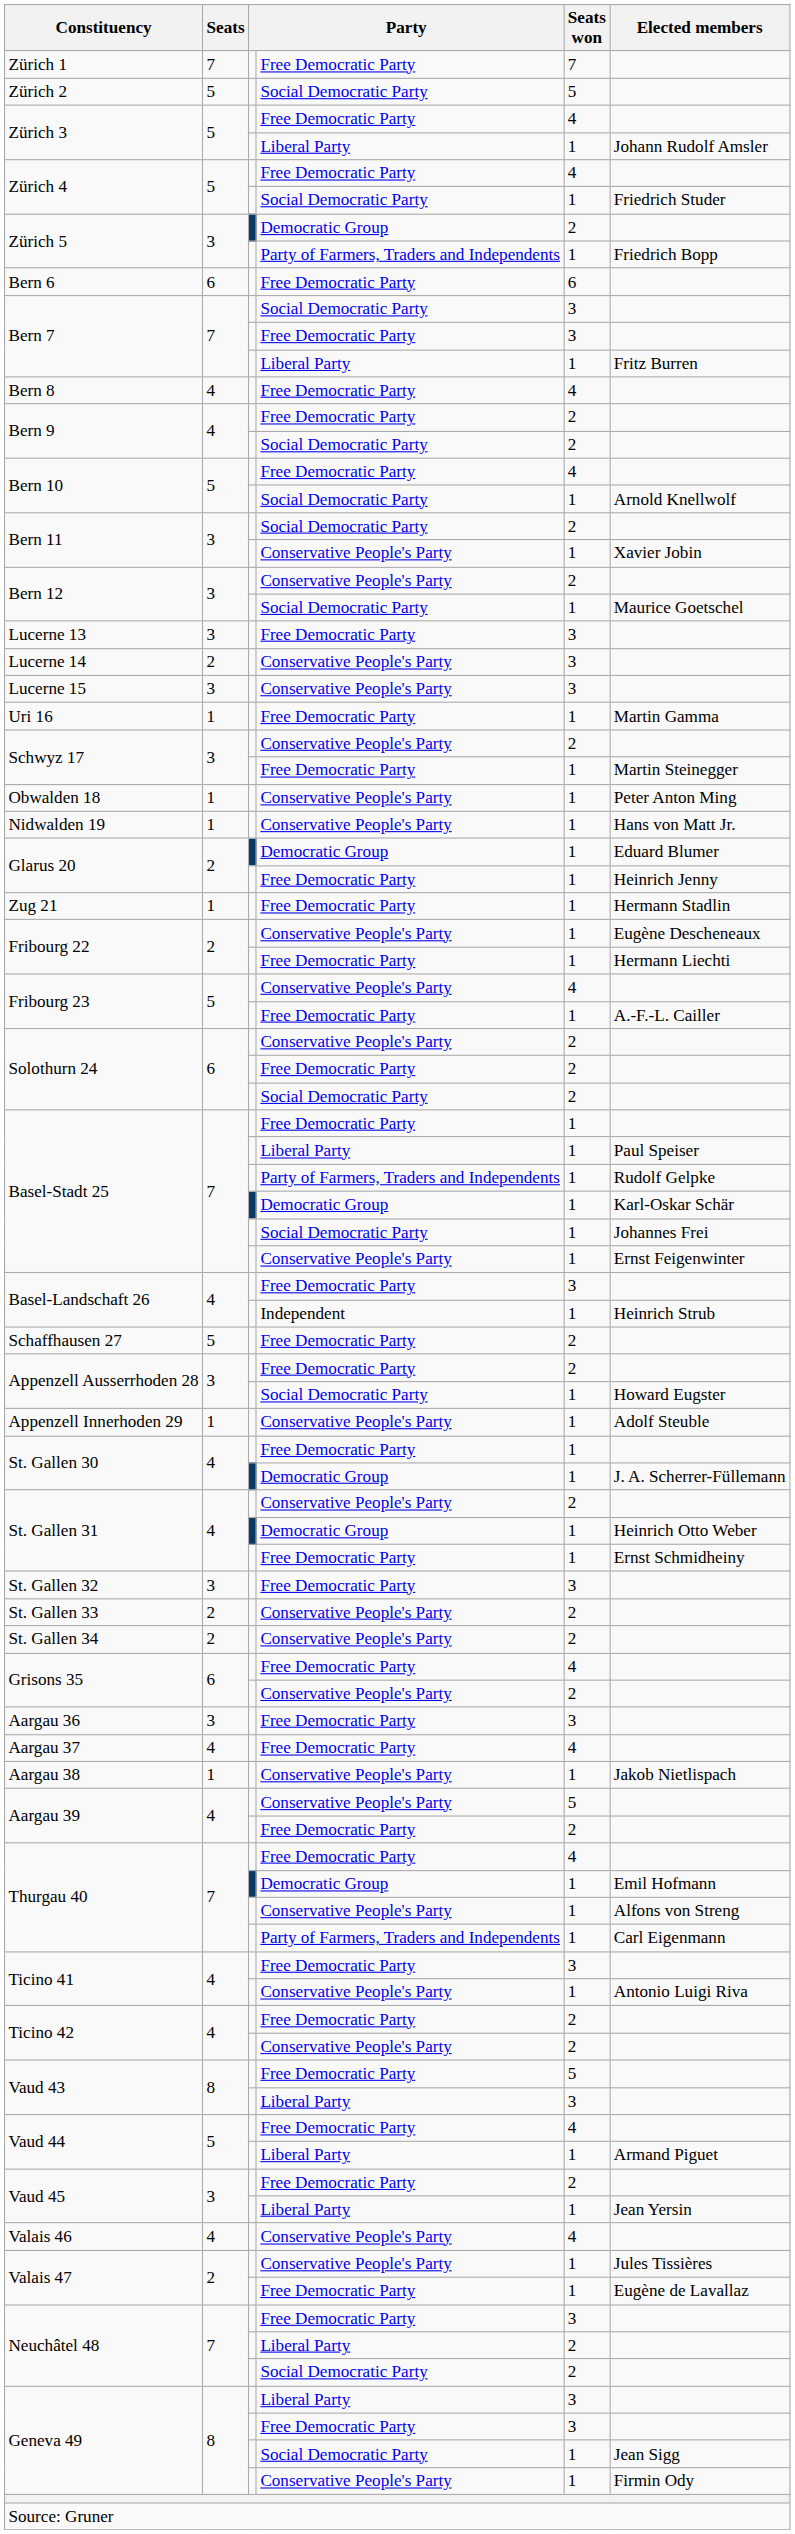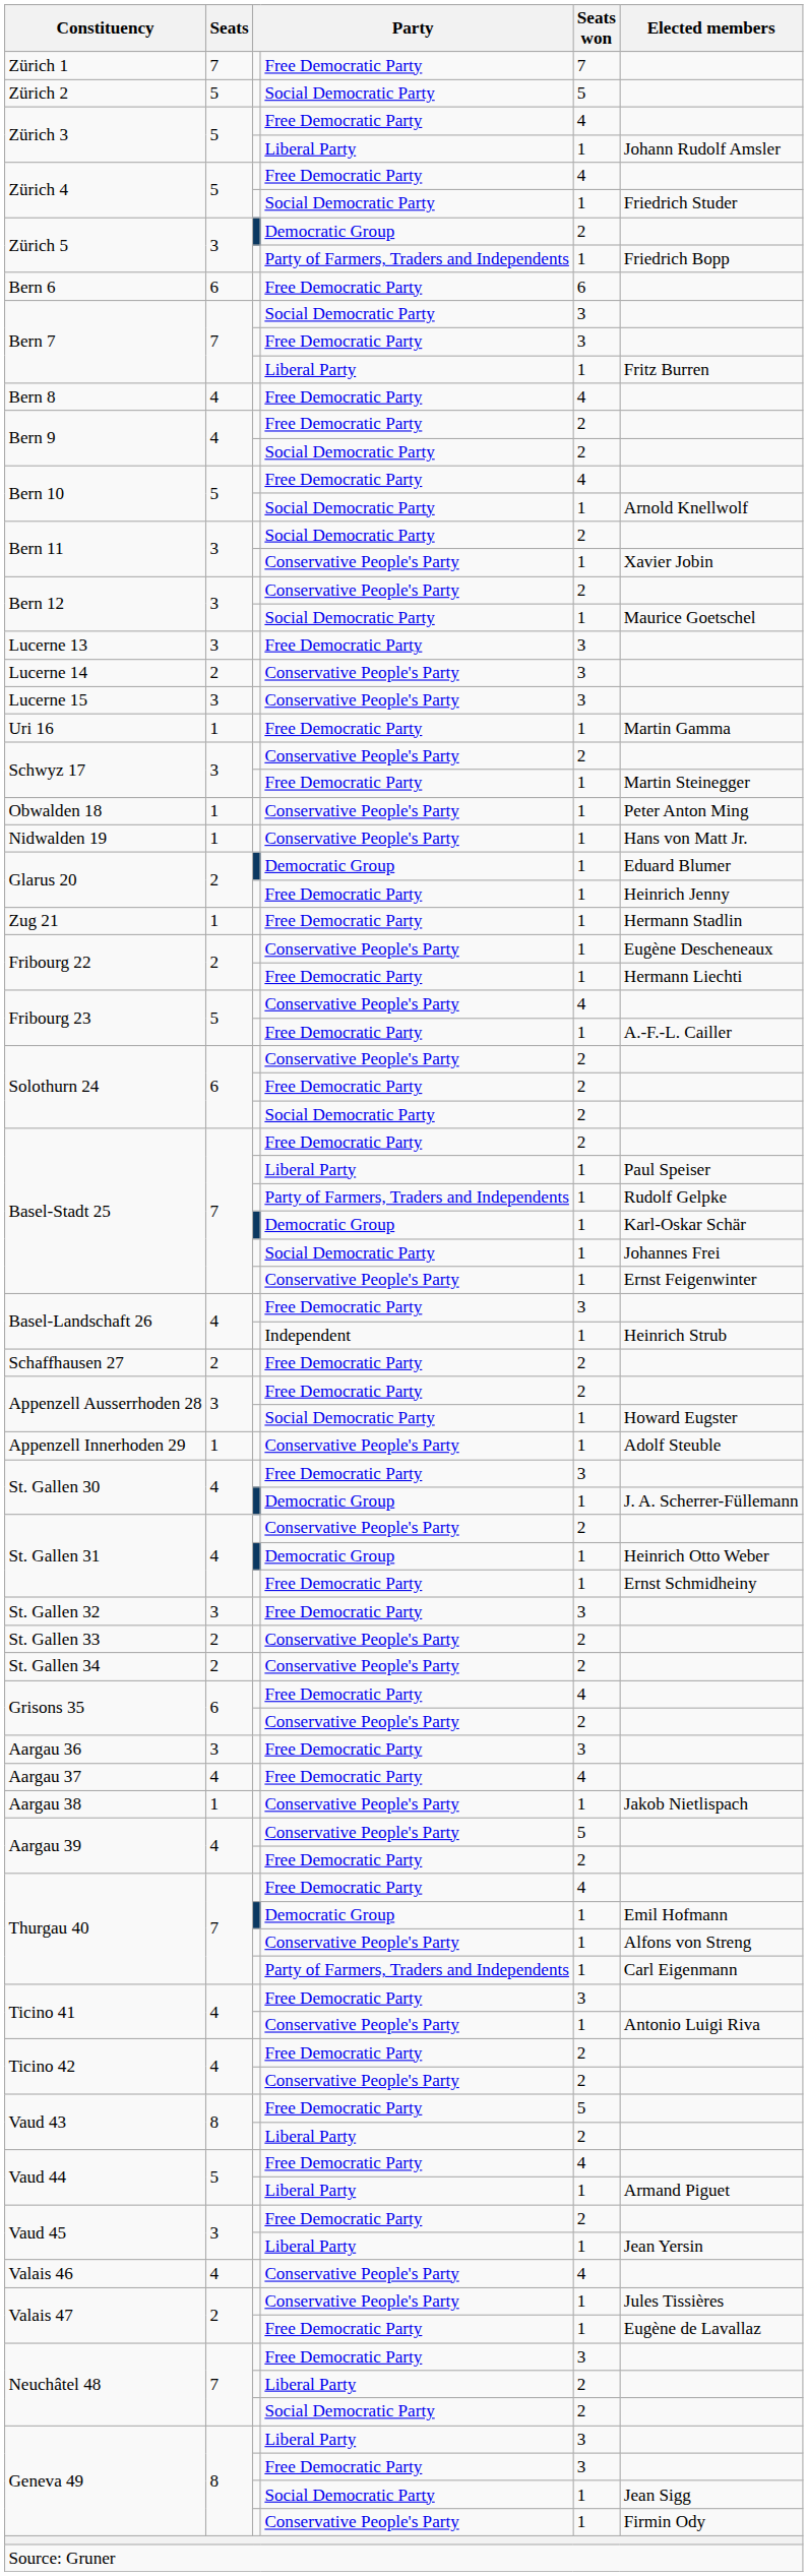 <table class="wikitable">
 <tr>
 <th>Constituency</th>
 <th>Seats</th>
 <th colspan="2">Party</th>
 <th>Seats<br>won</th>
 <th>Elected members</th>
 </tr>
 <tr>
 <td>Zürich 1</td>
 <td>7</td>
 <td style="color:inherit;background:"></td>
 <td><a href='#'>Free Democratic Party</a></td>
 <td>7</td>
 <td></td>
 </tr>
 <tr>
 <td>Zürich 2</td>
 <td>5</td>
 <td style="color:inherit;background:"></td>
 <td><a href='#'>Social Democratic Party</a></td>
 <td>5</td>
 <td></td>
 </tr>
 <tr>
 <td rowspan="2">Zürich 3</td>
 <td rowspan="2">5</td>
 <td style="color:inherit;background:"></td>
 <td><a href='#'>Free Democratic Party</a></td>
 <td>4</td>
 <td></td>
 </tr>
 <tr>
 <td style="color:inherit;background:"></td>
 <td><a href='#'>Liberal Party</a></td>
 <td>1</td>
 <td>Johann Rudolf Amsler</td>
 </tr>
 <tr>
 <td rowspan="2">Zürich 4</td>
 <td rowspan="2">5</td>
 <td style="color:inherit;background:"></td>
 <td><a href='#'>Free Democratic Party</a></td>
 <td>4</td>
 <td></td>
 </tr>
 <tr>
 <td style="color:inherit;background:"></td>
 <td><a href='#'>Social Democratic Party</a></td>
 <td>1</td>
 <td>Friedrich Studer</td>
 </tr>
 <tr>
 <td rowspan="2">Zürich 5</td>
 <td rowspan="2">3</td>
 <td style="color:inherit;background:#0B3861"></td>
 <td><a href='#'>Democratic Group</a></td>
 <td>2</td>
 <td></td>
 </tr>
 <tr>
 <td style="color:inherit;background:"></td>
 <td><a href='#'>Party of Farmers, Traders and Independents</a></td>
 <td>1</td>
 <td>Friedrich Bopp</td>
 </tr>
 <tr>
 <td>Bern 6</td>
 <td>6</td>
 <td style="color:inherit;background:"></td>
 <td><a href='#'>Free Democratic Party</a></td>
 <td>6</td>
 <td></td>
 </tr>
 <tr>
 <td rowspan="3">Bern 7</td>
 <td rowspan="3">7</td>
 <td style="color:inherit;background:"></td>
 <td><a href='#'>Social Democratic Party</a></td>
 <td>3</td>
 <td></td>
 </tr>
 <tr>
 <td style="color:inherit;background:"></td>
 <td><a href='#'>Free Democratic Party</a></td>
 <td>3</td>
 <td></td>
 </tr>
 <tr>
 <td style="color:inherit;background:"></td>
 <td><a href='#'>Liberal Party</a></td>
 <td>1</td>
 <td>Fritz Burren</td>
 </tr>
 <tr>
 <td>Bern 8</td>
 <td>4</td>
 <td style="color:inherit;background:"></td>
 <td><a href='#'>Free Democratic Party</a></td>
 <td>4</td>
 <td></td>
 </tr>
 <tr>
 <td rowspan="2">Bern 9</td>
 <td rowspan="2">4</td>
 <td style="color:inherit;background:"></td>
 <td><a href='#'>Free Democratic Party</a></td>
 <td>2</td>
 <td></td>
 </tr>
 <tr>
 <td style="color:inherit;background:"></td>
 <td><a href='#'>Social Democratic Party</a></td>
 <td>2</td>
 <td></td>
 </tr>
 <tr>
 <td rowspan="2">Bern 10</td>
 <td rowspan="2">5</td>
 <td style="color:inherit;background:"></td>
 <td><a href='#'>Free Democratic Party</a></td>
 <td>4</td>
 <td></td>
 </tr>
 <tr>
 <td style="color:inherit;background:"></td>
 <td><a href='#'>Social Democratic Party</a></td>
 <td>1</td>
 <td>Arnold Knellwolf</td>
 </tr>
 <tr>
 <td rowspan="2">Bern 11</td>
 <td rowspan="2">3</td>
 <td style="color:inherit;background:"></td>
 <td><a href='#'>Social Democratic Party</a></td>
 <td>2</td>
 <td></td>
 </tr>
 <tr>
 <td style="color:inherit;background:"></td>
 <td><a href='#'>Conservative People's Party</a></td>
 <td>1</td>
 <td>Xavier Jobin</td>
 </tr>
 <tr>
 <td rowspan="2">Bern 12</td>
 <td rowspan="2">3</td>
 <td style="color:inherit;background:"></td>
 <td><a href='#'>Conservative People's Party</a></td>
 <td>2</td>
 <td></td>
 </tr>
 <tr>
 <td style="color:inherit;background:"></td>
 <td><a href='#'>Social Democratic Party</a></td>
 <td>1</td>
 <td>Maurice Goetschel</td>
 </tr>
 <tr>
 <td>Lucerne 13</td>
 <td>3</td>
 <td style="color:inherit;background:"></td>
 <td><a href='#'>Free Democratic Party</a></td>
 <td>3</td>
 <td></td>
 </tr>
 <tr>
 <td>Lucerne 14</td>
 <td>2</td>
 <td style="color:inherit;background:"></td>
 <td><a href='#'>Conservative People's Party</a></td>
 <td>3</td>
 <td></td>
 </tr>
 <tr>
 <td>Lucerne 15</td>
 <td>3</td>
 <td style="color:inherit;background:"></td>
 <td><a href='#'>Conservative People's Party</a></td>
 <td>3</td>
 <td></td>
 </tr>
 <tr>
 <td>Uri 16</td>
 <td>1</td>
 <td style="color:inherit;background:"></td>
 <td><a href='#'>Free Democratic Party</a></td>
 <td>1</td>
 <td>Martin Gamma</td>
 </tr>
 <tr>
 <td rowspan="2">Schwyz 17</td>
 <td rowspan="2">3</td>
 <td style="color:inherit;background:"></td>
 <td><a href='#'>Conservative People's Party</a></td>
 <td>2</td>
 <td></td>
 </tr>
 <tr>
 <td style="color:inherit;background:"></td>
 <td><a href='#'>Free Democratic Party</a></td>
 <td>1</td>
 <td>Martin Steinegger</td>
 </tr>
 <tr>
 <td>Obwalden 18</td>
 <td>1</td>
 <td style="color:inherit;background:"></td>
 <td><a href='#'>Conservative People's Party</a></td>
 <td>1</td>
 <td>Peter Anton Ming</td>
 </tr>
 <tr>
 <td>Nidwalden 19</td>
 <td>1</td>
 <td style="color:inherit;background:"></td>
 <td><a href='#'>Conservative People's Party</a></td>
 <td>1</td>
 <td>Hans von Matt Jr.</td>
 </tr>
 <tr>
 <td rowspan="2">Glarus 20</td>
 <td rowspan="2">2</td>
 <td style="color:inherit;background:#0B3861"></td>
 <td><a href='#'>Democratic Group</a></td>
 <td>1</td>
 <td>Eduard Blumer</td>
 </tr>
 <tr>
 <td style="color:inherit;background:"></td>
 <td><a href='#'>Free Democratic Party</a></td>
 <td>1</td>
 <td>Heinrich Jenny</td>
 </tr>
 <tr>
 <td>Zug 21</td>
 <td>1</td>
 <td style="color:inherit;background:"></td>
 <td><a href='#'>Free Democratic Party</a></td>
 <td>1</td>
 <td>Hermann Stadlin</td>
 </tr>
 <tr>
 <td rowspan="2">Fribourg 22</td>
 <td rowspan="2">2</td>
 <td style="color:inherit;background:"></td>
 <td><a href='#'>Conservative People's Party</a></td>
 <td>1</td>
 <td>Eugène Descheneaux</td>
 </tr>
 <tr>
 <td style="color:inherit;background:"></td>
 <td><a href='#'>Free Democratic Party</a></td>
 <td>1</td>
 <td>Hermann Liechti</td>
 </tr>
 <tr>
 <td rowspan="2">Fribourg 23</td>
 <td rowspan="2">5</td>
 <td style="color:inherit;background:"></td>
 <td><a href='#'>Conservative People's Party</a></td>
 <td>4</td>
 <td></td>
 </tr>
 <tr>
 <td style="color:inherit;background:"></td>
 <td><a href='#'>Free Democratic Party</a></td>
 <td>1</td>
 <td>A.-F.-L. Cailler</td>
 </tr>
 <tr>
 <td rowspan="3">Solothurn 24</td>
 <td rowspan="3">6</td>
 <td style="color:inherit;background:"></td>
 <td><a href='#'>Conservative People's Party</a></td>
 <td>2</td>
 <td></td>
 </tr>
 <tr>
 <td style="color:inherit;background:"></td>
 <td><a href='#'>Free Democratic Party</a></td>
 <td>2</td>
 <td></td>
 </tr>
 <tr>
 <td style="color:inherit;background:"></td>
 <td><a href='#'>Social Democratic Party</a></td>
 <td>2</td>
 <td></td>
 </tr>
 <tr>
 <td rowspan="6">Basel-Stadt 25</td>
 <td rowspan="6">7</td>
 <td style="color:inherit;background:"></td>
 <td><a href='#'>Free Democratic Party</a></td>
-<td>1</td>
+<td>2</td>
 <td></td>
 </tr>
 <tr>
 <td style="color:inherit;background:"></td>
 <td><a href='#'>Liberal Party</a></td>
 <td>1</td>
 <td>Paul Speiser</td>
 </tr>
 <tr>
 <td style="color:inherit;background:"></td>
 <td><a href='#'>Party of Farmers, Traders and Independents</a></td>
 <td>1</td>
 <td>Rudolf Gelpke</td>
 </tr>
 <tr>
 <td style="color:inherit;background:#0B3861"></td>
 <td><a href='#'>Democratic Group</a></td>
 <td>1</td>
 <td>Karl-Oskar Schär</td>
 </tr>
 <tr>
 <td style="color:inherit;background:"></td>
 <td><a href='#'>Social Democratic Party</a></td>
 <td>1</td>
 <td>Johannes Frei</td>
 </tr>
 <tr>
 <td style="color:inherit;background:"></td>
 <td><a href='#'>Conservative People's Party</a></td>
 <td>1</td>
 <td>Ernst Feigenwinter</td>
 </tr>
 <tr>
 <td rowspan="2">Basel-Landschaft 26</td>
 <td rowspan="2">4</td>
 <td style="color:inherit;background:"></td>
 <td><a href='#'>Free Democratic Party</a></td>
 <td>3</td>
 <td></td>
 </tr>
 <tr>
 <td style="color:inherit;background:"></td>
 <td>Independent</td>
 <td>1</td>
 <td>Heinrich Strub</td>
 </tr>
 <tr>
 <td>Schaffhausen 27</td>
-<td>5</td>
+<td>2</td>
 <td style="color:inherit;background:"></td>
 <td><a href='#'>Free Democratic Party</a></td>
 <td>2</td>
 <td></td>
 </tr>
 <tr>
 <td rowspan="2">Appenzell Ausserrhoden 28</td>
 <td rowspan="2">3</td>
 <td style="color:inherit;background:"></td>
 <td><a href='#'>Free Democratic Party</a></td>
 <td>2</td>
 <td></td>
 </tr>
 <tr>
 <td style="color:inherit;background:"></td>
 <td><a href='#'>Social Democratic Party</a></td>
 <td>1</td>
 <td>Howard Eugster</td>
 </tr>
 <tr>
 <td>Appenzell Innerhoden 29</td>
 <td>1</td>
 <td style="color:inherit;background:"></td>
 <td><a href='#'>Conservative People's Party</a></td>
 <td>1</td>
 <td>Adolf Steuble</td>
 </tr>
 <tr>
 <td rowspan="2">St. Gallen 30</td>
 <td rowspan="2">4</td>
 <td style="color:inherit;background:"></td>
 <td><a href='#'>Free Democratic Party</a></td>
-<td>1</td>
+<td>3</td>
 <td></td>
 </tr>
 <tr>
 <td style="color:inherit;background:#0B3861"></td>
 <td><a href='#'>Democratic Group</a></td>
 <td>1</td>
 <td>J. A. Scherrer-Füllemann</td>
 </tr>
 <tr>
 <td rowspan="3">St. Gallen 31</td>
 <td rowspan="3">4</td>
 <td style="color:inherit;background:"></td>
 <td><a href='#'>Conservative People's Party</a></td>
 <td>2</td>
 <td></td>
 </tr>
 <tr>
 <td style="color:inherit;background:#0B3861"></td>
 <td><a href='#'>Democratic Group</a></td>
 <td>1</td>
 <td>Heinrich Otto Weber</td>
 </tr>
 <tr>
 <td style="color:inherit;background:"></td>
 <td><a href='#'>Free Democratic Party</a></td>
 <td>1</td>
 <td>Ernst Schmidheiny</td>
 </tr>
 <tr>
 <td>St. Gallen 32</td>
 <td>3</td>
 <td style="color:inherit;background:"></td>
 <td><a href='#'>Free Democratic Party</a></td>
 <td>3</td>
 <td></td>
 </tr>
 <tr>
 <td>St. Gallen 33</td>
 <td>2</td>
 <td style="color:inherit;background:"></td>
 <td><a href='#'>Conservative People's Party</a></td>
 <td>2</td>
 <td></td>
 </tr>
 <tr>
 <td>St. Gallen 34</td>
 <td>2</td>
 <td style="color:inherit;background:"></td>
 <td><a href='#'>Conservative People's Party</a></td>
 <td>2</td>
 <td></td>
 </tr>
 <tr>
 <td rowspan="2">Grisons 35</td>
 <td rowspan="2">6</td>
 <td style="color:inherit;background:"></td>
 <td><a href='#'>Free Democratic Party</a></td>
 <td>4</td>
 <td></td>
 </tr>
 <tr>
 <td style="color:inherit;background:"></td>
 <td><a href='#'>Conservative People's Party</a></td>
 <td>2</td>
 <td></td>
 </tr>
 <tr>
 <td>Aargau 36</td>
 <td>3</td>
 <td style="color:inherit;background:"></td>
 <td><a href='#'>Free Democratic Party</a></td>
 <td>3</td>
 <td></td>
 </tr>
 <tr>
 <td>Aargau 37</td>
 <td>4</td>
 <td style="color:inherit;background:"></td>
 <td><a href='#'>Free Democratic Party</a></td>
 <td>4</td>
 <td></td>
 </tr>
 <tr>
 <td>Aargau 38</td>
 <td>1</td>
 <td style="color:inherit;background:"></td>
 <td><a href='#'>Conservative People's Party</a></td>
 <td>1</td>
 <td>Jakob Nietlispach</td>
 </tr>
 <tr>
 <td rowspan="2">Aargau 39</td>
 <td rowspan="2">4</td>
 <td style="color:inherit;background:"></td>
 <td><a href='#'>Conservative People's Party</a></td>
 <td>5</td>
 <td></td>
 </tr>
 <tr>
 <td style="color:inherit;background:"></td>
 <td><a href='#'>Free Democratic Party</a></td>
 <td>2</td>
 <td></td>
 </tr>
 <tr>
 <td rowspan="4">Thurgau 40</td>
 <td rowspan="4">7</td>
 <td style="color:inherit;background:"></td>
 <td><a href='#'>Free Democratic Party</a></td>
 <td>4</td>
 <td></td>
 </tr>
 <tr>
 <td style="color:inherit;background:#0B3861"></td>
 <td><a href='#'>Democratic Group</a></td>
 <td>1</td>
 <td>Emil Hofmann</td>
 </tr>
 <tr>
 <td style="color:inherit;background:"></td>
 <td><a href='#'>Conservative People's Party</a></td>
 <td>1</td>
 <td>Alfons von Streng</td>
 </tr>
 <tr>
 <td style="color:inherit;background:"></td>
 <td><a href='#'>Party of Farmers, Traders and Independents</a></td>
 <td>1</td>
 <td>Carl Eigenmann</td>
 </tr>
 <tr>
 <td rowspan="2">Ticino 41</td>
 <td rowspan="2">4</td>
 <td style="color:inherit;background:"></td>
 <td><a href='#'>Free Democratic Party</a></td>
 <td>3</td>
 <td></td>
 </tr>
 <tr>
 <td style="color:inherit;background:"></td>
 <td><a href='#'>Conservative People's Party</a></td>
 <td>1</td>
 <td>Antonio Luigi Riva</td>
 </tr>
 <tr>
 <td rowspan="2">Ticino 42</td>
 <td rowspan="2">4</td>
 <td style="color:inherit;background:"></td>
 <td><a href='#'>Free Democratic Party</a></td>
 <td>2</td>
 <td></td>
 </tr>
 <tr>
 <td style="color:inherit;background:"></td>
 <td><a href='#'>Conservative People's Party</a></td>
 <td>2</td>
 <td></td>
 </tr>
 <tr>
 <td rowspan="2">Vaud 43</td>
 <td rowspan="2">8</td>
 <td style="color:inherit;background:"></td>
 <td><a href='#'>Free Democratic Party</a></td>
 <td>5</td>
 <td></td>
 </tr>
 <tr>
 <td style="color:inherit;background:"></td>
 <td><a href='#'>Liberal Party</a></td>
-<td>3</td>
+<td>2</td>
 <td></td>
 </tr>
 <tr>
 <td rowspan="2">Vaud 44</td>
 <td rowspan="2">5</td>
 <td style="color:inherit;background:"></td>
 <td><a href='#'>Free Democratic Party</a></td>
 <td>4</td>
 <td></td>
 </tr>
 <tr>
 <td style="color:inherit;background:"></td>
 <td><a href='#'>Liberal Party</a></td>
 <td>1</td>
 <td>Armand Piguet</td>
 </tr>
 <tr>
 <td rowspan="2">Vaud 45</td>
 <td rowspan="2">3</td>
 <td style="color:inherit;background:"></td>
 <td><a href='#'>Free Democratic Party</a></td>
 <td>2</td>
 <td></td>
 </tr>
 <tr>
 <td style="color:inherit;background:"></td>
 <td><a href='#'>Liberal Party</a></td>
 <td>1</td>
 <td>Jean Yersin</td>
 </tr>
 <tr>
 <td>Valais 46</td>
 <td>4</td>
 <td style="color:inherit;background:"></td>
 <td><a href='#'>Conservative People's Party</a></td>
 <td>4</td>
 <td></td>
 </tr>
 <tr>
 <td rowspan="2">Valais 47</td>
 <td rowspan="2">2</td>
 <td style="color:inherit;background:"></td>
 <td><a href='#'>Conservative People's Party</a></td>
 <td>1</td>
 <td>Jules Tissières</td>
 </tr>
 <tr>
 <td style="color:inherit;background:"></td>
 <td><a href='#'>Free Democratic Party</a></td>
 <td>1</td>
 <td>Eugène de Lavallaz</td>
 </tr>
 <tr>
 <td rowspan="3">Neuchâtel 48</td>
 <td rowspan="3">7</td>
 <td style="color:inherit;background:"></td>
 <td><a href='#'>Free Democratic Party</a></td>
 <td>3</td>
 <td></td>
 </tr>
 <tr>
 <td style="color:inherit;background:"></td>
 <td><a href='#'>Liberal Party</a></td>
 <td>2</td>
 <td></td>
 </tr>
 <tr>
 <td style="color:inherit;background:"></td>
 <td><a href='#'>Social Democratic Party</a></td>
 <td>2</td>
 <td></td>
 </tr>
 <tr>
 <td rowspan="4">Geneva 49</td>
 <td rowspan="4">8</td>
 <td style="color:inherit;background:"></td>
 <td><a href='#'>Liberal Party</a></td>
 <td>3</td>
 <td></td>
 </tr>
 <tr>
 <td style="color:inherit;background:"></td>
 <td><a href='#'>Free Democratic Party</a></td>
 <td>3</td>
 <td></td>
 </tr>
 <tr>
 <td style="color:inherit;background:"></td>
 <td><a href='#'>Social Democratic Party</a></td>
 <td>1</td>
 <td>Jean Sigg</td>
 </tr>
 <tr>
 <td style="color:inherit;background:"></td>
 <td><a href='#'>Conservative People's Party</a></td>
 <td>1</td>
 <td>Firmin Ody</td>
 </tr>
 <tr>
 <th colspan="6"></th>
 </tr>
 <tr>
 <td colspan="6">Source: Gruner</td>
 </tr>
 </table>
